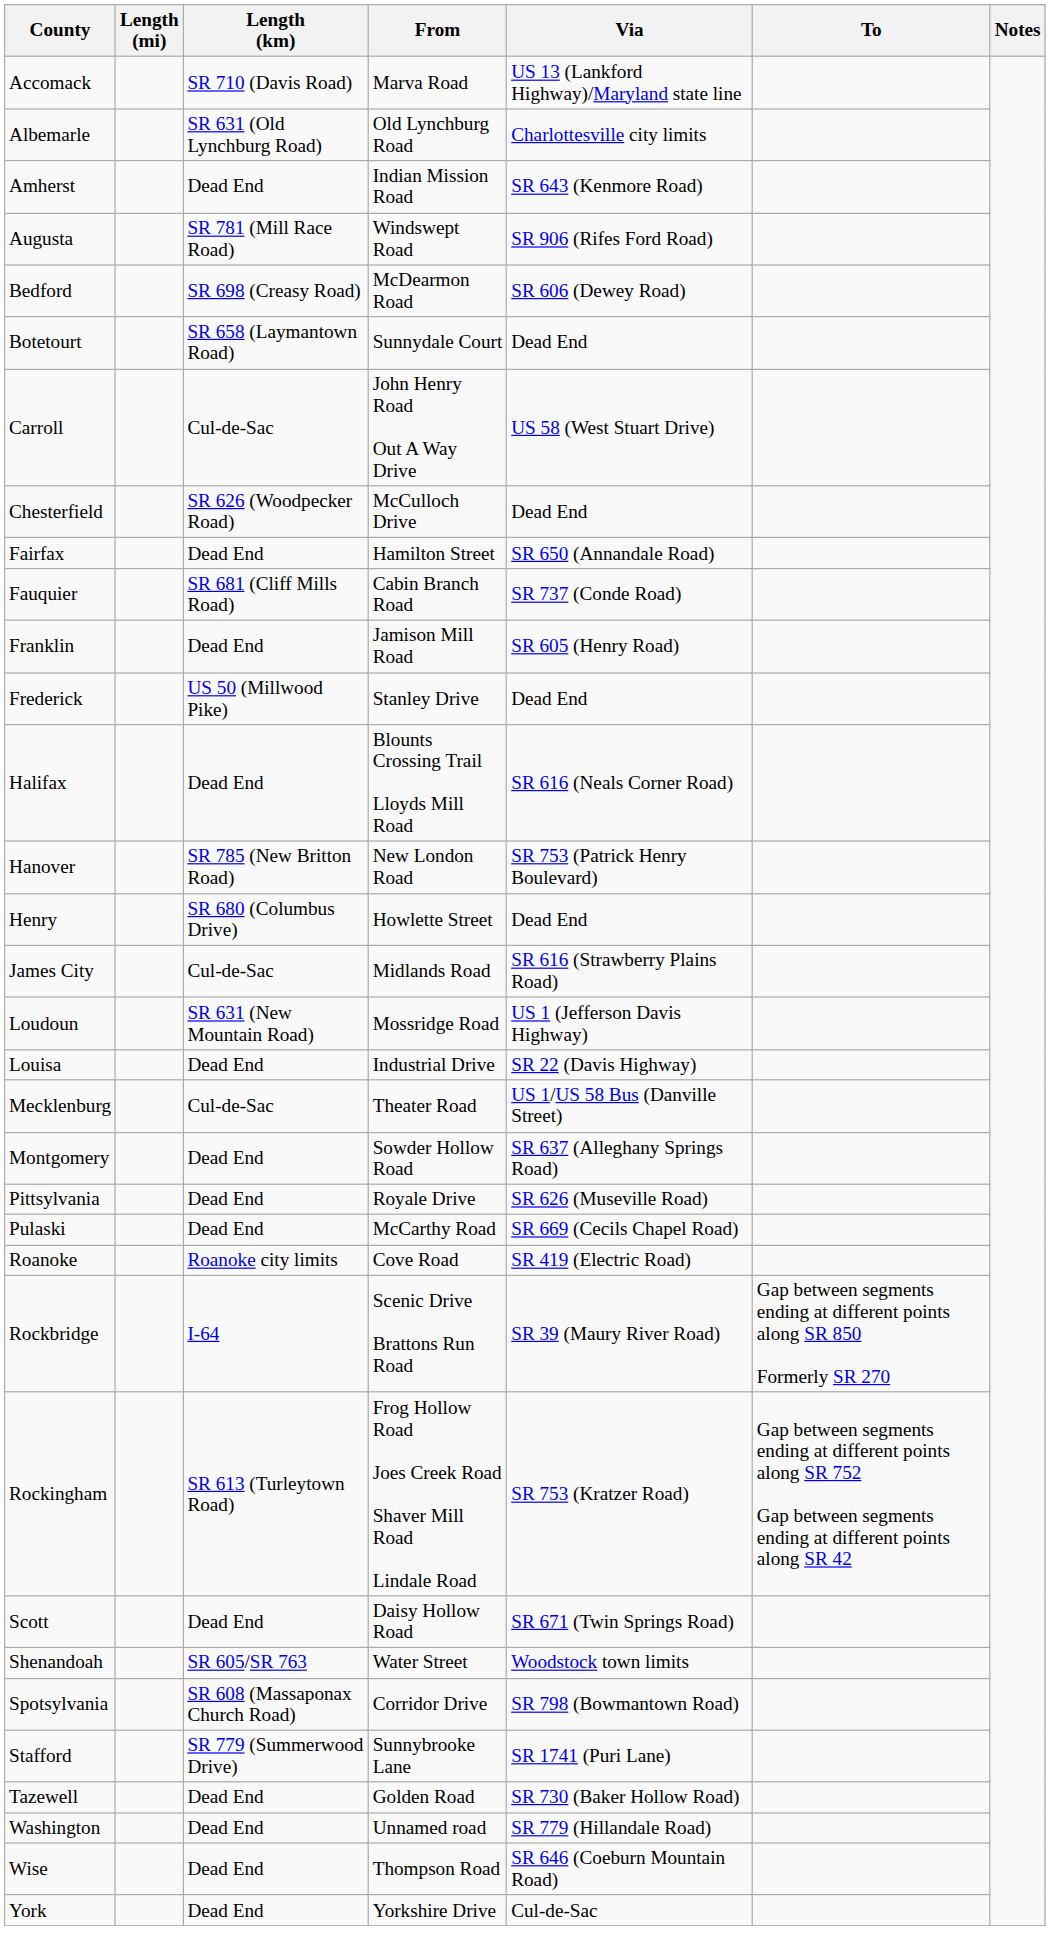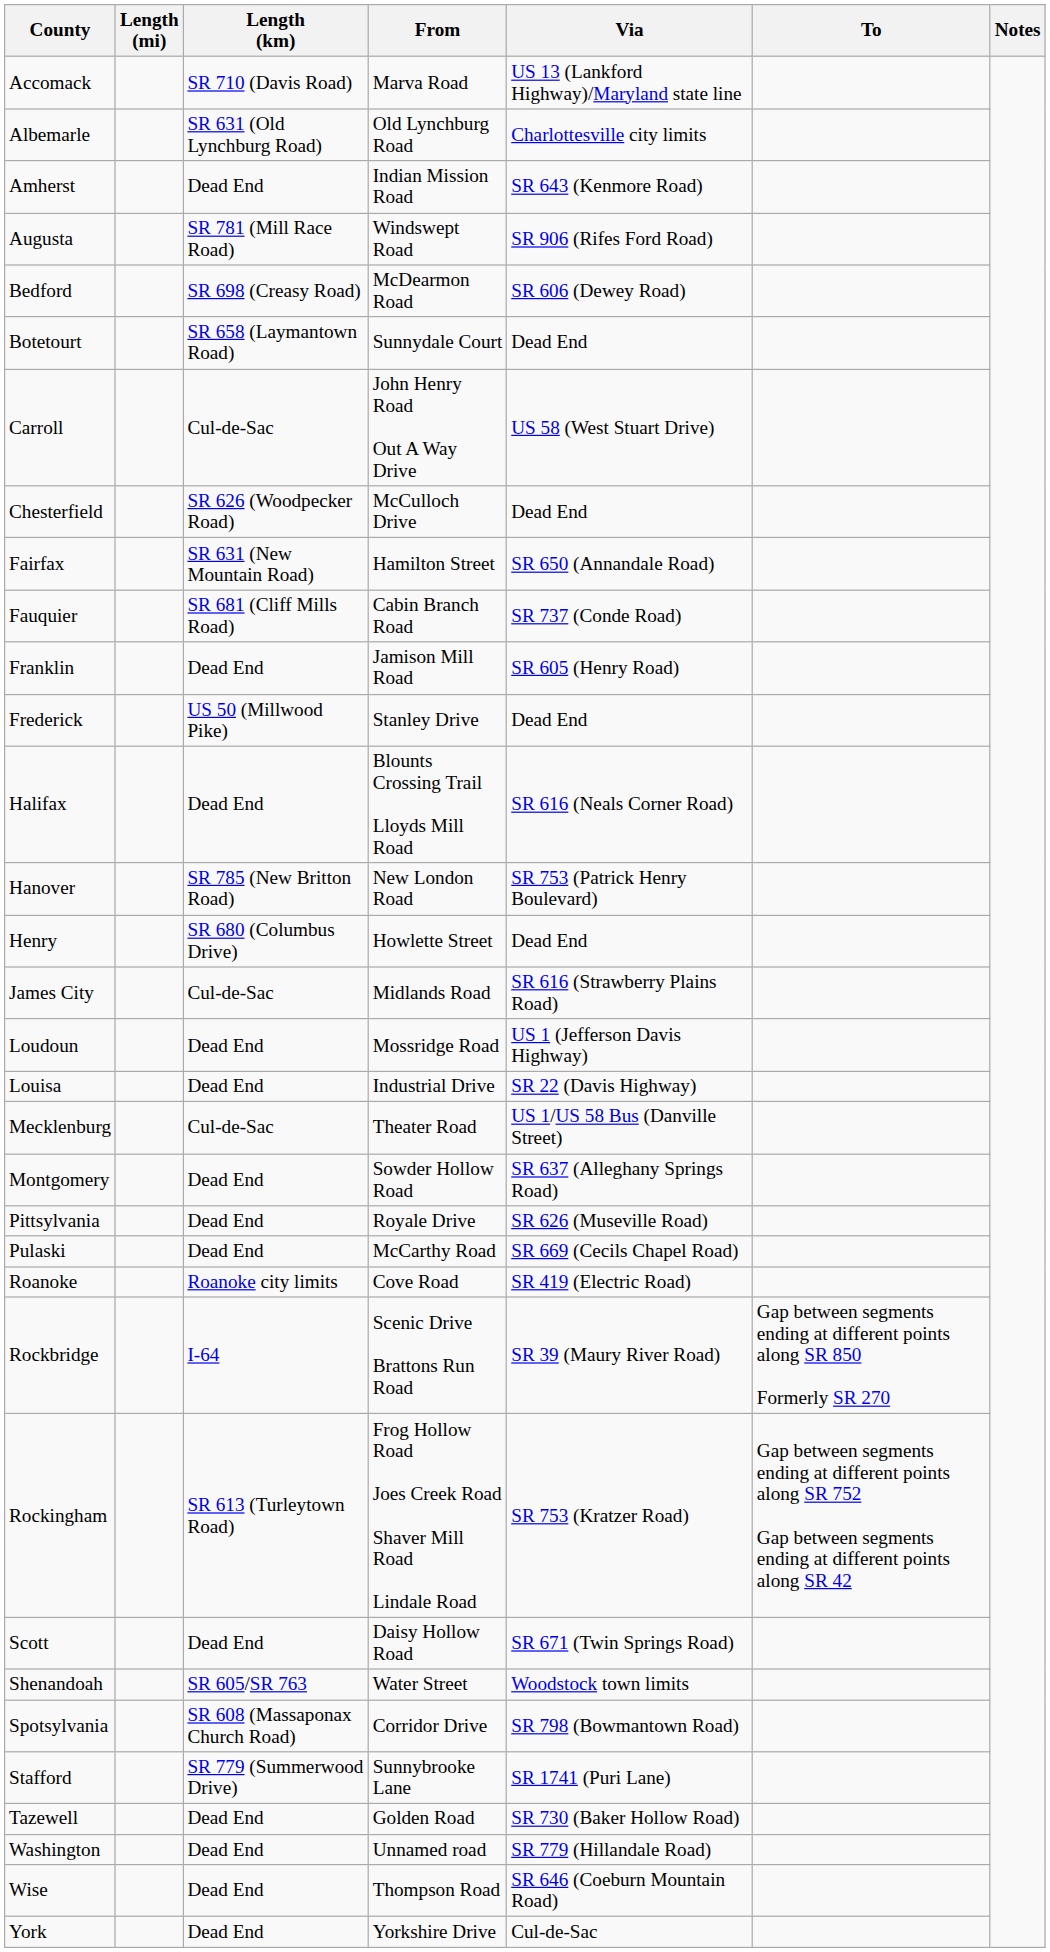 <table class="wikitable sortable">
 <tr>
 <th>County</th>
 <th>Length<br>(mi)</th>
 <th>Length<br>(km)</th>
 <th class="unsortable">From</th>
 <th class="unsortable">Via</th>
 <th class="unsortable">To</th>
 <th class="unsortable">Notes</th>
 </tr>
 <tr>
 <td id="Accomack">Accomack</td>
 <td></td>
 <td><a href='#'>SR 710</a> (Davis Road)</td>
 <td>Marva Road</td>
 <td><a href='#'>US 13</a> (Lankford Highway)/<a href='#'>Maryland</a> state line</td>
 <td></td>
 </tr>
 <tr>
 <td id="Albemarle">Albemarle</td>
 <td></td>
 <td><a href='#'>SR 631</a> (Old Lynchburg Road)</td>
 <td>Old Lynchburg Road</td>
 <td><a href='#'>Charlottesville</a> city limits</td>
 <td><br> </td>
 </tr>
 <tr>
 <td id="Amherst">Amherst</td>
 <td></td>
 <td>Dead End</td>
 <td>Indian Mission Road</td>
 <td><a href='#'>SR 643</a> (Kenmore Road)</td>
 <td><br> </td>
 </tr>
 <tr>
 <td id="Augusta">Augusta</td>
 <td></td>
 <td><a href='#'>SR 781</a> (Mill Race Road)</td>
 <td>Windswept Road</td>
 <td><a href='#'>SR 906</a> (Rifes Ford Road)</td>
 <td><br></td>
 </tr>
 <tr>
 <td id="Bedford">Bedford</td>
 <td></td>
 <td><a href='#'>SR 698</a> (Creasy Road)</td>
 <td>McDearmon Road</td>
 <td><a href='#'>SR 606</a> (Dewey Road)</td>
 <td><br></td>
 </tr>
 <tr>
 <td id="Botetourt">Botetourt</td>
 <td></td>
 <td><a href='#'>SR 658</a> (Laymantown Road)</td>
 <td>Sunnydale Court</td>
 <td>Dead End</td>
 <td><br>    </td>
 </tr>
 <tr>
 <td id="Carroll">Carroll</td>
 <td></td>
 <td>Cul-de-Sac</td>
 <td>John Henry Road<br><br>Out A Way Drive</td>
 <td><a href='#'>US 58</a> (West Stuart Drive)</td>
 <td><br> </td>
 </tr>
 <tr>
 <td id="Chesterfield">Chesterfield</td>
 <td></td>
 <td><a href='#'>SR 626</a> (Woodpecker Road)</td>
 <td>McCulloch Drive</td>
 <td>Dead End</td>
 <td><br>      </td>
 </tr>
 <tr>
 <td id="Fairfax">Fairfax</td>
 <td></td>
-<td>Dead End</td>
+<td><a href='#'>SR 631</a> (New Mountain Road)</td>
 <td>Hamilton Street</td>
 <td><a href='#'>SR 650</a> (Annandale Road)</td>
 <td></td>
 </tr>
 <tr>
 <td id="Fauquier">Fauquier</td>
 <td></td>
 <td><a href='#'>SR 681</a> (Cliff Mills Road)</td>
 <td>Cabin Branch Road</td>
 <td><a href='#'>SR 737</a> (Conde Road)</td>
 <td><br> </td>
 </tr>
 <tr>
 <td id="Franklin">Franklin</td>
 <td></td>
 <td>Dead End</td>
 <td>Jamison Mill Road</td>
 <td><a href='#'>SR 605</a> (Henry Road)</td>
 <td></td>
 </tr>
 <tr>
 <td id="Frederick">Frederick</td>
 <td></td>
 <td><a href='#'>US 50</a> (Millwood Pike)</td>
 <td>Stanley Drive</td>
 <td>Dead End</td>
 <td><br>     </td>
 </tr>
 <tr>
 <td id="Halifax">Halifax</td>
 <td></td>
 <td>Dead End</td>
 <td>Blounts Crossing Trail<br><br>Lloyds Mill Road</td>
 <td><a href='#'>SR 616</a> (Neals Corner Road)</td>
 <td></td>
 </tr>
 <tr>
 <td id="Hanover">Hanover</td>
 <td></td>
 <td><a href='#'>SR 785</a> (New Britton Road)</td>
 <td>New London Road</td>
 <td><a href='#'>SR 753</a> (Patrick Henry Boulevard)</td>
 <td><br></td>
 </tr>
 <tr>
 <td id="Henry">Henry</td>
 <td></td>
 <td><a href='#'>SR 680</a> (Columbus Drive)</td>
 <td>Howlette Street</td>
 <td>Dead End</td>
 <td><br> </td>
 </tr>
 <tr>
 <td id="James City">James City</td>
 <td></td>
 <td>Cul-de-Sac</td>
 <td>Midlands Road</td>
 <td><a href='#'>SR 616</a> (Strawberry Plains Road)</td>
 <td><br>    </td>
 </tr>
 <tr>
 <td id="Loudoun">Loudoun</td>
 <td></td>
-<td><a href='#'>SR 631</a> (New Mountain Road)</td>
+<td>Dead End</td>
 <td>Mossridge Road</td>
 <td><a href='#'>US 1</a> (Jefferson Davis Highway)</td>
 <td></td>
 </tr>
 <tr>
 <td id="Louisa">Louisa</td>
 <td></td>
 <td>Dead End</td>
 <td>Industrial Drive</td>
 <td><a href='#'>SR 22</a> (Davis Highway)</td>
 <td><br>  </td>
 </tr>
 <tr>
 <td id="Mecklenburg">Mecklenburg</td>
 <td></td>
 <td>Cul-de-Sac</td>
 <td>Theater Road</td>
 <td><a href='#'>US 1</a>/<a href='#'>US 58 Bus</a> (Danville Street)</td>
 <td><br></td>
 </tr>
 <tr>
 <td id="Montgomery">Montgomery</td>
 <td></td>
 <td>Dead End</td>
 <td>Sowder Hollow Road</td>
 <td><a href='#'>SR 637</a> (Alleghany Springs Road)</td>
 <td><br>       </td>
 </tr>
 <tr>
 <td id="Pittsylvania">Pittsylvania</td>
 <td></td>
 <td>Dead End</td>
 <td>Royale Drive</td>
 <td><a href='#'>SR 626</a> (Museville Road)</td>
 <td><br>   </td>
 </tr>
 <tr>
 <td id="Pulaski">Pulaski</td>
 <td></td>
 <td>Dead End</td>
 <td>McCarthy Road</td>
 <td><a href='#'>SR 669</a> (Cecils Chapel Road)</td>
 <td><br> </td>
 </tr>
 <tr>
 <td id="Roanoke">Roanoke</td>
 <td></td>
 <td><a href='#'>Roanoke</a> city limits</td>
 <td>Cove Road</td>
 <td><a href='#'>SR 419</a> (Electric Road)</td>
 <td></td>
 </tr>
 <tr>
 <td id="Rockbridge">Rockbridge</td>
 <td></td>
 <td><a href='#'>I-64</a></td>
 <td>Scenic Drive<br><br>Brattons Run Road</td>
 <td><a href='#'>SR 39</a> (Maury River Road)</td>
 <td>Gap between segments ending at different points along <a href='#'>SR 850</a><br><br>Formerly <a href='#'>SR 270</a></td>
 </tr>
 <tr>
 <td id="Rockingham">Rockingham</td>
 <td></td>
 <td><a href='#'>SR 613</a> (Turleytown Road)</td>
 <td>Frog Hollow Road<br><br>Joes Creek Road<br><br>Shaver Mill Road<br><br>Lindale Road</td>
 <td><a href='#'>SR 753</a> (Kratzer Road)</td>
 <td>Gap between segments ending at different points along <a href='#'>SR 752</a><br><br>Gap between segments ending at different points along <a href='#'>SR 42</a><br></td>
 </tr>
 <tr>
 <td id="Scott">Scott</td>
 <td></td>
 <td>Dead End</td>
 <td>Daisy Hollow Road</td>
 <td><a href='#'>SR 671</a> (Twin Springs Road)</td>
 <td></td>
 </tr>
 <tr>
 <td id="Shenandoah">Shenandoah</td>
 <td></td>
 <td><a href='#'>SR 605</a>/<a href='#'>SR 763</a></td>
 <td>Water Street</td>
 <td><a href='#'>Woodstock</a> town limits</td>
 <td><br> </td>
 </tr>
 <tr>
 <td id="Spotsylvania">Spotsylvania</td>
 <td></td>
 <td><a href='#'>SR 608</a> (Massaponax Church Road)</td>
 <td>Corridor Drive</td>
 <td><a href='#'>SR 798</a> (Bowmantown Road)</td>
 <td></td>
 </tr>
 <tr>
 <td id="Stafford">Stafford</td>
 <td></td>
 <td><a href='#'>SR 779</a> (Summerwood Drive)</td>
 <td>Sunnybrooke Lane</td>
 <td><a href='#'>SR 1741</a> (Puri Lane)</td>
 <td><br> </td>
 </tr>
 <tr>
 <td id="Tazewell">Tazewell</td>
 <td></td>
 <td>Dead End</td>
 <td>Golden Road</td>
 <td><a href='#'>SR 730</a> (Baker Hollow Road)</td>
 <td><br></td>
 </tr>
 <tr>
 <td id="Washington">Washington</td>
 <td></td>
 <td>Dead End</td>
 <td>Unnamed road</td>
 <td><a href='#'>SR 779</a> (Hillandale Road)</td>
 <td><br></td>
 </tr>
 <tr>
 <td id="Wise">Wise</td>
 <td></td>
 <td>Dead End</td>
 <td>Thompson Road</td>
 <td><a href='#'>SR 646</a> (Coeburn Mountain Road)</td>
 <td><br></td>
 </tr>
 <tr>
 <td id="York">York</td>
 <td></td>
 <td>Dead End</td>
 <td>Yorkshire Drive</td>
 <td>Cul-de-Sac</td>
 <td></td>
 </tr>
 </table>
